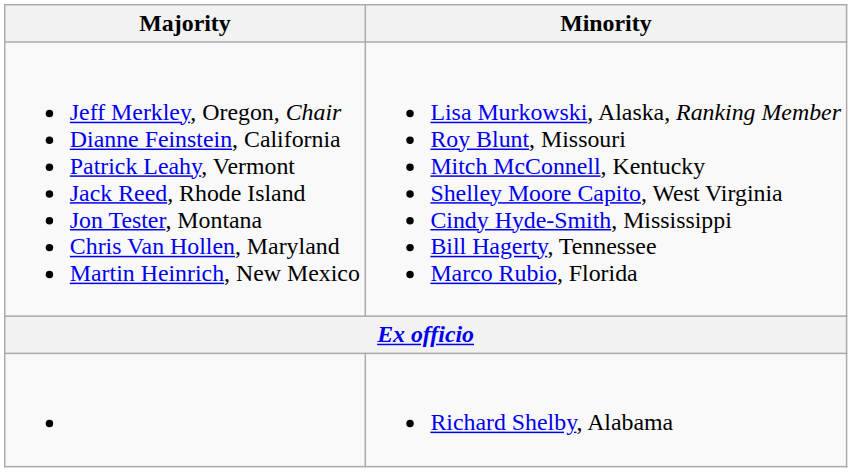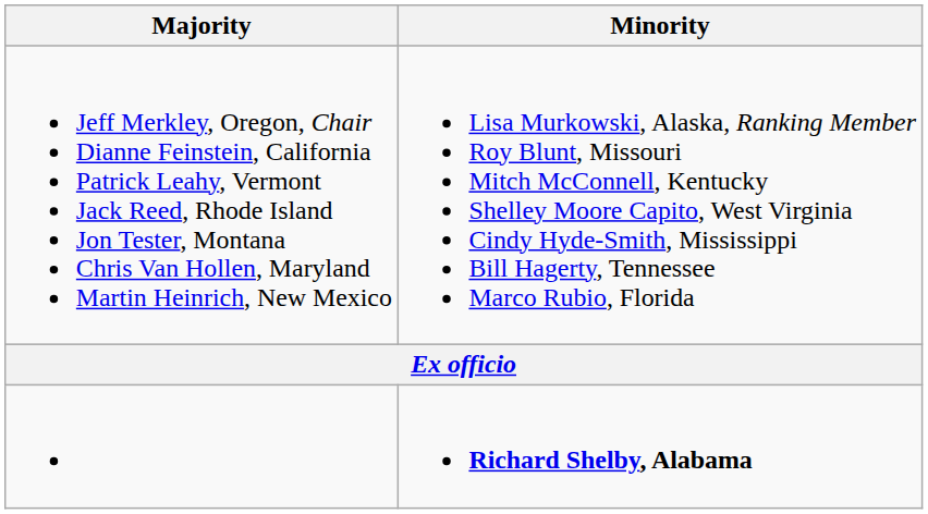 <table class=wikitable>
 <tr>
 <th>Majority</th>
 <th>Minority</th>
 </tr>
 <tr>
 <td><br><ul><li><a href='#'>Jeff Merkley</a>, Oregon, <em>Chair</em></li><li><a href='#'>Dianne Feinstein</a>, California</li><li><a href='#'>Patrick Leahy</a>, Vermont</li><li><a href='#'>Jack Reed</a>, Rhode Island</li><li><a href='#'>Jon Tester</a>, Montana</li><li><a href='#'>Chris Van Hollen</a>, Maryland</li><li><a href='#'>Martin Heinrich</a>, New Mexico</li></ul></td>
 <td><br><ul><li><a href='#'>Lisa Murkowski</a>, Alaska, <em>Ranking Member</em></li><li><a href='#'>Roy Blunt</a>, Missouri</li><li><a href='#'>Mitch McConnell</a>, Kentucky</li><li><a href='#'>Shelley Moore Capito</a>, West Virginia</li><li><a href='#'>Cindy Hyde-Smith</a>, Mississippi</li><li><a href='#'>Bill Hagerty</a>, Tennessee</li><li><a href='#'>Marco Rubio</a>, Florida</li></ul></td>
 </tr>
 <tr>
 <th colspan=2><em><a href='#'>Ex officio</a></em></th>
 </tr>
 <tr>
 <td><br><ul><li></li></ul></td>
-<td><br><ul><li><a href='#'>Richard Shelby</a>, Alabama</li></ul></td>
+<td><strong><br><ul><li><a href='#'>Richard Shelby</a>, Alabama</li></ul></strong></td>
 </tr>
 </table>
